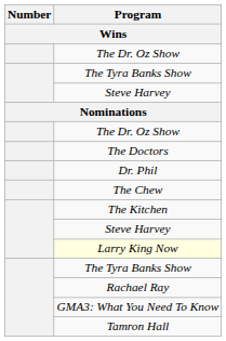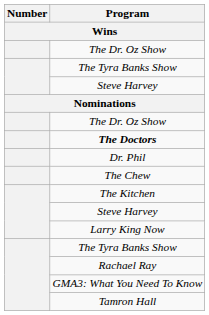 <table class="wikitable" style="text-align: center;">
 <tr>
 <th scope="col" style="width:55px;">Number</th>
 <th scope="col" style="text-align:center;">Program</th>
 </tr>
 <tr>
 <th colspan="3">Wins</th>
 </tr>
 <tr>
 <th scope="row"></th>
 <td><em>The Dr. Oz Show</em></td>
 </tr>
 <tr>
 <th scope="row" rowspan="2" style="text-align:center"></th>
 <td><em>The Tyra Banks Show</em></td>
 </tr>
 <tr>
 <td><em>Steve Harvey</em></td>
 </tr>
 <tr>
 <th colspan="2">Nominations</th>
 </tr>
 <tr>
 <th scope="row" style="text-align:center"></th>
 <td><em>The Dr. Oz Show</em></td>
 </tr>
 <tr>
 <th scope="row" style="text-align:center"></th>
-<td><em>The Doctors</em></td>
+<td><strong><em>The Doctors</em></strong></td>
 </tr>
 <tr>
 <th scope="row" style="text-align:center"></th>
 <td><em>Dr. Phil</em></td>
 </tr>
 <tr>
 <th scope="row" style="text-align:center"></th>
 <td><em>The Chew</em></td>
 </tr>
 <tr>
 <th rowspan="3" scope="row" style="text-align:center"></th>
 <td><em>The Kitchen</em></td>
 </tr>
 <tr>
 <td><em>Steve Harvey</em></td>
 </tr>
 <tr>
-<td style="background: lightyellow;"><em>Larry King Now</em></td>
+<td><em>Larry King Now</em></td>
 </tr>
 <tr>
 <th rowspan=4 scope="row" style="text-align:center"></th>
 <td><em>The Tyra Banks Show</em></td>
 </tr>
 <tr>
 <td><em>Rachael Ray</em></td>
 </tr>
 <tr>
 <td><em>GMA3: What You Need To Know</em></td>
 </tr>
 <tr>
 <td><em>Tamron Hall</em></td>
 </tr>
 </table>
